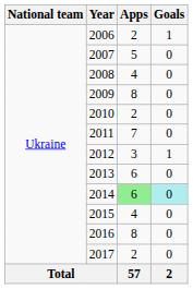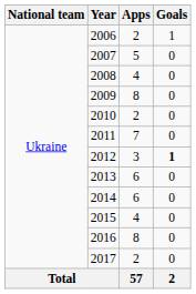 <table class="wikitable" style="text-align:center">
 <tr>
 <th>National team</th>
 <th>Year</th>
 <th>Apps</th>
 <th>Goals</th>
 </tr>
 <tr>
 <td rowspan="12"><a href='#'>Ukraine</a></td>
 <td>2006</td>
 <td>2</td>
 <td>1</td>
 </tr>
 <tr>
 <td>2007</td>
 <td>5</td>
 <td>0</td>
 </tr>
 <tr>
 <td>2008</td>
 <td>4</td>
 <td>0</td>
 </tr>
 <tr>
 <td>2009</td>
 <td>8</td>
 <td>0</td>
 </tr>
 <tr>
 <td>2010</td>
 <td>2</td>
 <td>0</td>
 </tr>
 <tr>
 <td>2011</td>
 <td>7</td>
 <td>0</td>
 </tr>
 <tr>
 <td>2012</td>
 <td>3</td>
-<td>1</td>
+<td><strong>1</strong></td>
 </tr>
 <tr>
 <td>2013</td>
 <td>6</td>
 <td>0</td>
 </tr>
 <tr>
 <td>2014</td>
-<td style="background: lightgreen;">6</td>
-<td style="background: paleturquoise;">0</td>
+<td>6</td>
+<td>0</td>
 </tr>
 <tr>
 <td>2015</td>
 <td>4</td>
 <td>0</td>
 </tr>
 <tr>
 <td>2016</td>
 <td>8</td>
 <td>0</td>
 </tr>
 <tr>
 <td>2017</td>
 <td>2</td>
 <td>0</td>
 </tr>
 <tr>
 <th colspan="2">Total</th>
 <th>57</th>
 <th>2</th>
 </tr>
 </table>
